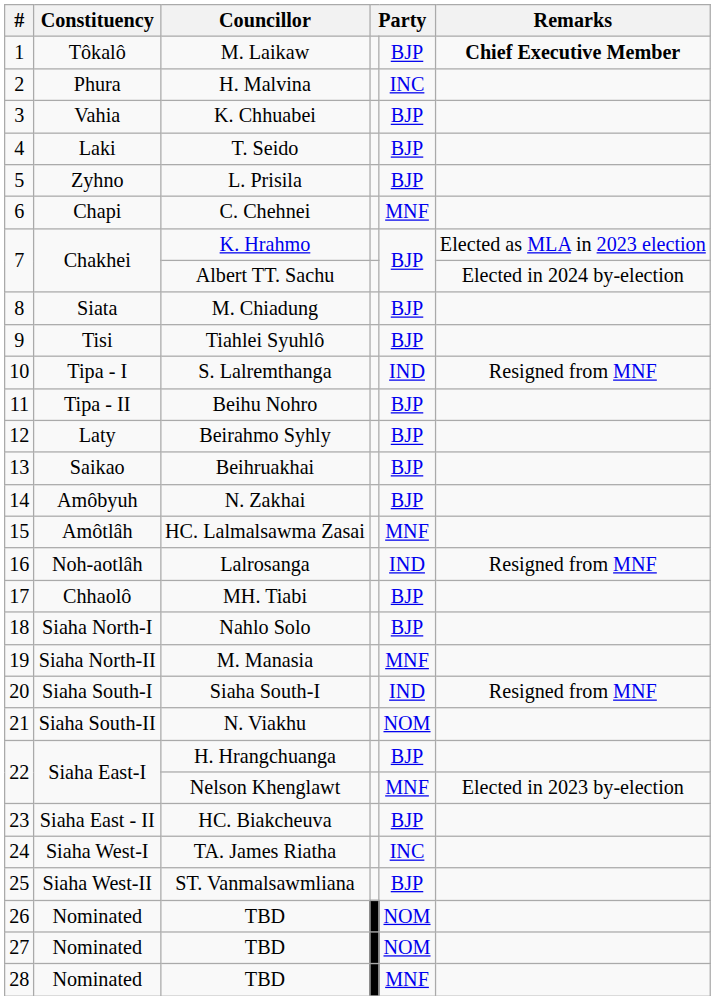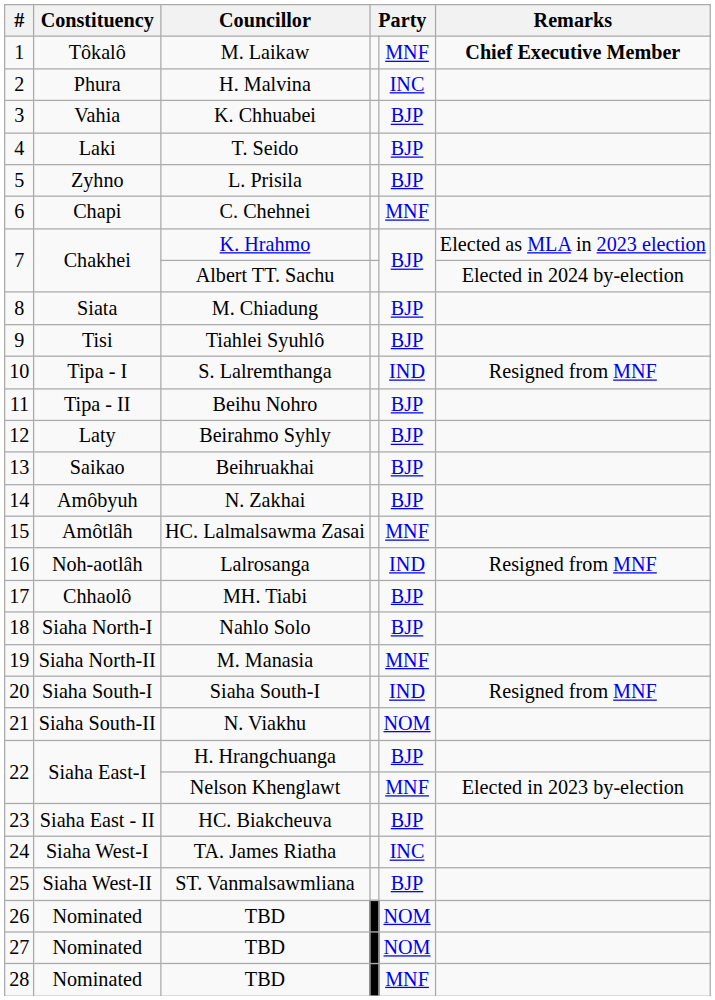 <table class="wikitable" style="text-align:center;">
 <tr>
 <th>#</th>
 <th>Constituency</th>
 <th>Councillor</th>
 <th colspan="2">Party</th>
 <th>Remarks</th>
 </tr>
 <tr>
 <td>1</td>
 <td>Tôkalô</td>
 <td>M. Laikaw</td>
 <td style="background-color: "></td>
-<td><a href='#'>BJP</a></td>
+<td><a href='#'>MNF</a></td>
 <td><strong>Chief Executive Member</strong></td>
 </tr>
 <tr>
 <td>2</td>
 <td>Phura</td>
 <td>H. Malvina</td>
 <td style="background-color: "></td>
 <td><a href='#'>INC</a></td>
 <td></td>
 </tr>
 <tr>
 <td>3</td>
 <td>Vahia</td>
 <td>K. Chhuabei</td>
 <td style="background-color: "></td>
 <td><a href='#'>BJP</a></td>
 <td></td>
 </tr>
 <tr>
 <td>4</td>
 <td>Laki</td>
 <td>T. Seido</td>
 <td style="background-color: "></td>
 <td><a href='#'>BJP</a></td>
 <td></td>
 </tr>
 <tr>
 <td>5</td>
 <td>Zyhno</td>
 <td>L. Prisila</td>
 <td style="background-color: "></td>
 <td><a href='#'>BJP</a></td>
 <td></td>
 </tr>
 <tr>
 <td>6</td>
 <td>Chapi</td>
 <td>C. Chehnei</td>
 <td style="background-color: "></td>
 <td><a href='#'>MNF</a></td>
 <td></td>
 </tr>
 <tr>
 <td rowspan=2>7</td>
 <td rowspan=2>Chakhei</td>
 <td><a href='#'>K. Hrahmo</a></td>
 <td style="background-color: "></td>
 <td rowspan=2><a href='#'>BJP</a></td>
 <td>Elected as <a href='#'>MLA</a> in <a href='#'>2023 election</a></td>
 </tr>
 <tr>
 <td>Albert TT. Sachu</td>
 <td style="background-color: "></td>
 <td>Elected in 2024 by-election</td>
 </tr>
 <tr>
 <td>8</td>
 <td>Siata</td>
 <td>M. Chiadung</td>
 <td style="background-color: "></td>
 <td><a href='#'>BJP</a></td>
 <td></td>
 </tr>
 <tr>
 <td>9</td>
 <td>Tisi</td>
 <td>Tiahlei Syuhlô</td>
 <td style="background-color: "></td>
 <td><a href='#'>BJP</a></td>
 <td></td>
 </tr>
 <tr>
 <td>10</td>
 <td>Tipa - I</td>
 <td>S. Lalremthanga</td>
 <td style="background-color: "></td>
 <td><a href='#'>IND</a></td>
 <td>Resigned from <a href='#'>MNF</a></td>
 </tr>
 <tr>
 <td>11</td>
 <td>Tipa - II</td>
 <td>Beihu Nohro</td>
 <td style="background-color: "></td>
 <td><a href='#'>BJP</a></td>
 <td></td>
 </tr>
 <tr>
 <td>12</td>
 <td>Laty</td>
 <td>Beirahmo Syhly</td>
 <td style="background-color: "></td>
 <td><a href='#'>BJP</a></td>
 <td></td>
 </tr>
 <tr>
 <td>13</td>
 <td>Saikao</td>
 <td>Beihruakhai</td>
 <td style="background-color: "></td>
 <td><a href='#'>BJP</a></td>
 <td></td>
 </tr>
 <tr>
 <td>14</td>
 <td>Amôbyuh</td>
 <td>N. Zakhai</td>
 <td style="background-color: "></td>
 <td><a href='#'>BJP</a></td>
 <td></td>
 </tr>
 <tr>
 <td>15</td>
 <td>Amôtlâh</td>
 <td>HC. Lalmalsawma Zasai</td>
 <td style="background-color: "></td>
 <td><a href='#'>MNF</a></td>
 <td></td>
 </tr>
 <tr>
 <td>16</td>
 <td>Noh-aotlâh</td>
 <td>Lalrosanga</td>
 <td style="background-color: "></td>
 <td><a href='#'>IND</a></td>
 <td>Resigned from <a href='#'>MNF</a></td>
 </tr>
 <tr>
 <td>17</td>
 <td>Chhaolô</td>
 <td>MH. Tiabi</td>
 <td style="background-color: "></td>
 <td><a href='#'>BJP</a></td>
 <td></td>
 </tr>
 <tr>
 <td>18</td>
 <td>Siaha North-I</td>
 <td>Nahlo Solo</td>
 <td style="background-color: "></td>
 <td><a href='#'>BJP</a></td>
 <td></td>
 </tr>
 <tr>
 <td>19</td>
 <td>Siaha North-II</td>
 <td>M. Manasia</td>
 <td style="background-color: "></td>
 <td><a href='#'>MNF</a></td>
 <td></td>
 </tr>
 <tr>
 <td>20</td>
 <td>Siaha South-I</td>
 <td>Siaha South-I</td>
 <td style="background-color: "></td>
 <td><a href='#'>IND</a></td>
 <td>Resigned from <a href='#'>MNF</a></td>
 </tr>
 <tr>
 <td>21</td>
 <td>Siaha South-II</td>
 <td>N. Viakhu</td>
 <td style="background-color: "></td>
 <td><a href='#'>NOM</a></td>
 <td></td>
 </tr>
 <tr>
 <td rowspan=2>22</td>
 <td rowspan=2>Siaha East-I</td>
 <td>H. Hrangchuanga</td>
 <td style="background-color: "></td>
 <td><a href='#'>BJP</a></td>
 <td></td>
 </tr>
 <tr>
 <td>Nelson Khenglawt</td>
 <td style="background-color: "></td>
 <td><a href='#'>MNF</a></td>
 <td>Elected in 2023 by-election</td>
 </tr>
 <tr>
 <td>23</td>
 <td>Siaha East - II</td>
 <td>HC. Biakcheuva</td>
 <td style="background-color: "></td>
 <td><a href='#'>BJP</a></td>
 <td></td>
 </tr>
 <tr>
 <td>24</td>
 <td>Siaha West-I</td>
 <td>TA. James Riatha</td>
 <td style="background-color: "></td>
 <td><a href='#'>INC</a></td>
 <td></td>
 </tr>
 <tr>
 <td>25</td>
 <td>Siaha West-II</td>
 <td>ST. Vanmalsawmliana</td>
 <td style="background-color: "></td>
 <td><a href='#'>BJP</a></td>
 <td></td>
 </tr>
 <tr>
 <td>26</td>
 <td>Nominated</td>
 <td>TBD</td>
 <td style="background-color:#000000"></td>
 <td><a href='#'>NOM</a></td>
 <td></td>
 </tr>
 <tr>
 <td>27</td>
 <td>Nominated</td>
 <td>TBD</td>
 <td style="background-color:#000000"></td>
 <td><a href='#'>NOM</a></td>
 <td></td>
 </tr>
 <tr>
 <td>28</td>
 <td>Nominated</td>
 <td>TBD</td>
 <td style="background-color:#000000"></td>
 <td><a href='#'>MNF</a></td>
 <td></td>
 </tr>
 </table>
